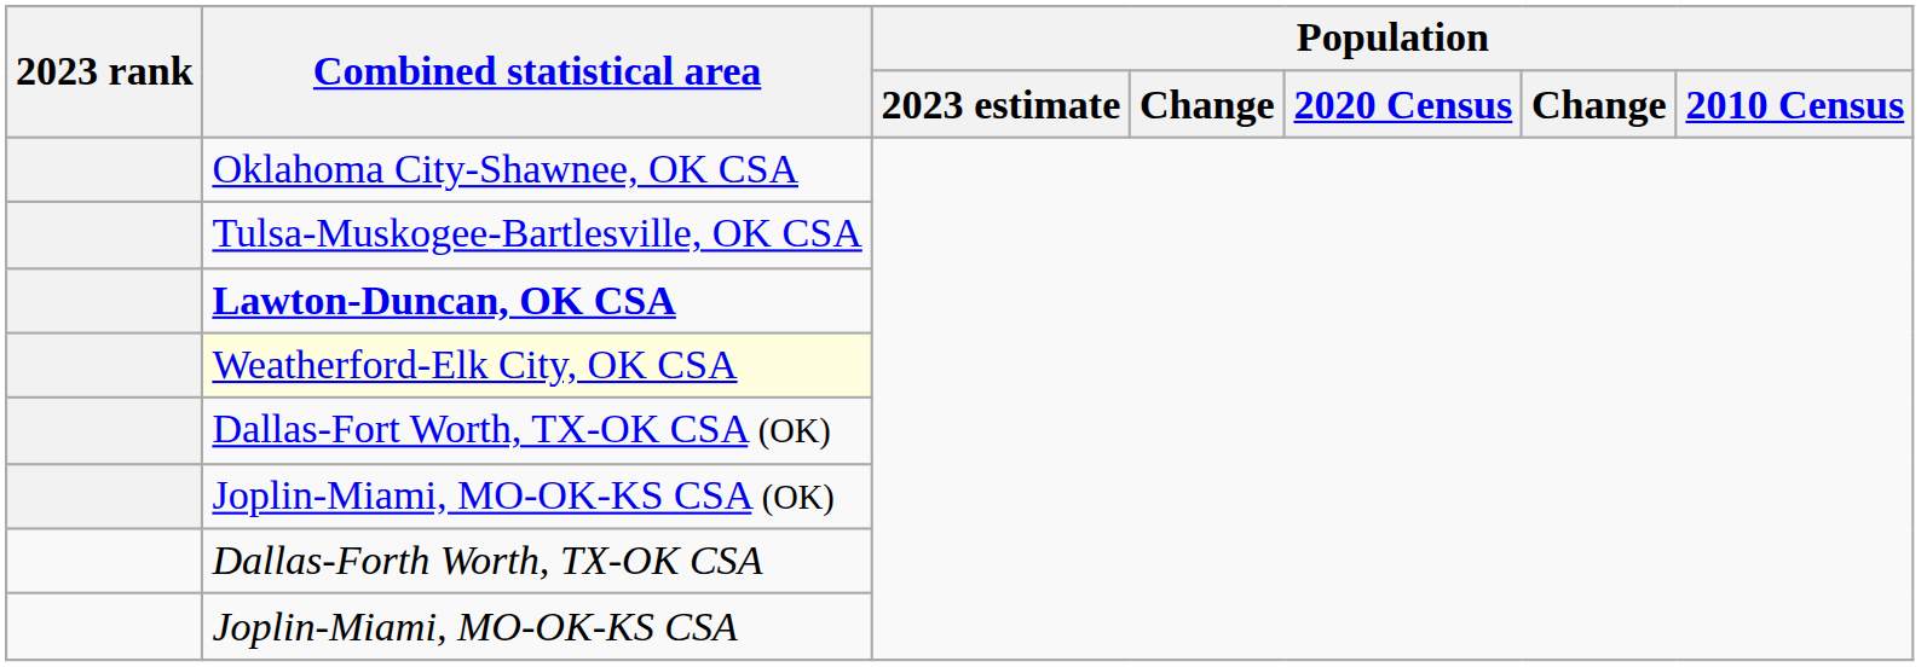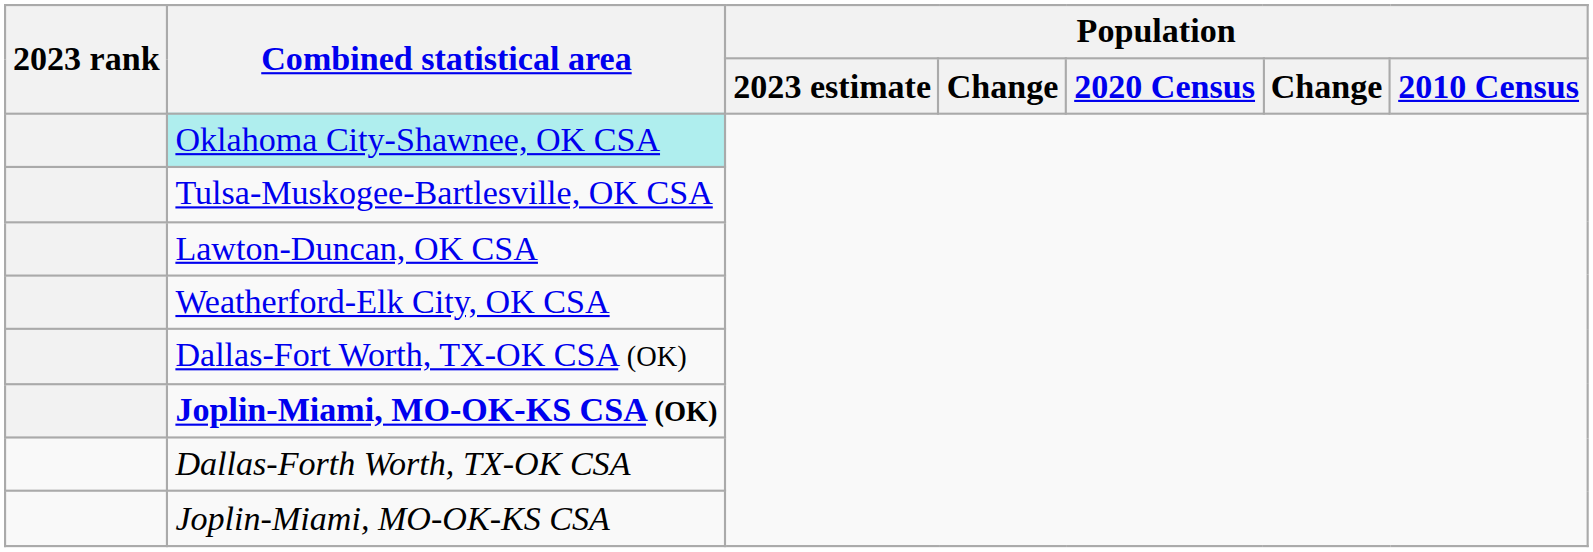 <table class="wikitable sortable">
 <tr>
 <th scope=col rowspan=2>2023 rank</th>
 <th scope=col rowspan=2><a href='#'>Combined statistical area</a></th>
 <th colspan=5>Population</th>
 </tr>
 <tr>
 <th scope=col>2023 estimate</th>
 <th scope=col>Change</th>
 <th scope=col><a href='#'>2020 Census</a></th>
 <th scope=col>Change</th>
 <th scope=col><a href='#'>2010 Census</a></th>
 </tr>
 <tr>
 <th scope=row></th>
-<td><a href='#'>Oklahoma City-Shawnee, OK CSA</a><br></td>
+<td style="background: paleturquoise;"><a href='#'>Oklahoma City-Shawnee, OK CSA</a><br></td>
 </tr>
 <tr>
 <th scope=row></th>
 <td><a href='#'>Tulsa-Muskogee-Bartlesville, OK CSA</a><br></td>
 </tr>
 <tr>
 <th scope=row></th>
-<td><strong><a href='#'>Lawton-Duncan, OK CSA</a><br></strong></td>
+<td><a href='#'>Lawton-Duncan, OK CSA</a><br></td>
 </tr>
 <tr>
 <th scope=row></th>
-<td style="background: lightyellow;"><a href='#'>Weatherford-Elk City, OK CSA</a><br></td>
+<td><a href='#'>Weatherford-Elk City, OK CSA</a><br></td>
 </tr>
 <tr>
 <th scope=row></th>
 <td><a href='#'>Dallas-Fort Worth, TX-OK CSA</a> <small>(OK)</small><br></td>
 </tr>
 <tr>
 <th scope=row></th>
-<td><a href='#'>Joplin-Miami, MO-OK-KS CSA</a> <small>(OK)</small><br></td>
+<td><strong><a href='#'>Joplin-Miami, MO-OK-KS CSA</a> <small>(OK)</small><br></strong></td>
 </tr>
 <tr>
 <td></td>
 <td><em><span>Dallas-Forth Worth, TX-OK CSA</span></em><br></td>
 </tr>
 <tr>
 <td></td>
 <td><em><span>Joplin-Miami, MO-OK-KS CSA</span></em><br></td>
 </tr>
 </table>
